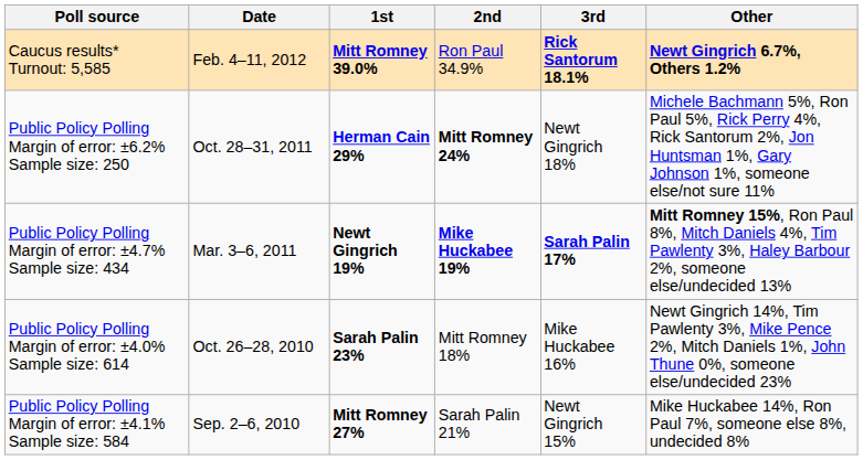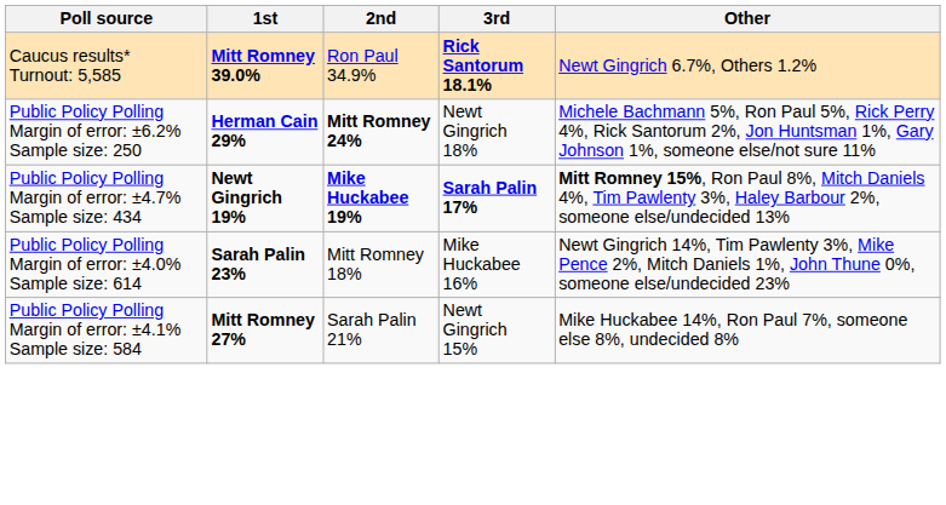 <table class="wikitable">
 <tr>
 <th style="width:180px;">Poll source</th>
-<th style="width:135px;">Date</th>
 <th style="width:100px;">1st</th>
 <th style="width:100px;">2nd</th>
 <th style="width:100px;">3rd</th>
 <th>Other</th>
 </tr>
 <tr style="background:Moccasin;">
 <td>Caucus results*<br>Turnout: 5,585</td>
-<td>Feb. 4–11, 2012</td>
 <td><strong><a href='#'>Mitt Romney</a> 39.0% </strong></td>
 <td><a href='#'>Ron Paul</a><br>34.9%</td>
 <td><strong><a href='#'>Rick Santorum</a><br>18.1%</strong></td>
-<td><strong><a href='#'>Newt Gingrich</a> 6.7%, Others 1.2%</strong></td>
+<td><a href='#'>Newt Gingrich</a> 6.7%, Others 1.2%</td>
 </tr>
 <tr>
 <td><a href='#'>Public Policy Polling</a><br>Margin of error: ±6.2% <br>Sample size: 250</td>
-<td>Oct. 28–31, 2011</td>
 <td><strong><a href='#'>Herman Cain</a><br>29%</strong></td>
 <td><strong>Mitt Romney<br>24%</strong></td>
 <td>Newt Gingrich<br>18%</td>
 <td><a href='#'>Michele Bachmann</a> 5%, Ron Paul 5%, <a href='#'>Rick Perry</a> 4%, Rick Santorum 2%, <a href='#'>Jon Huntsman</a> 1%, <a href='#'>Gary Johnson</a> 1%, someone else/not sure 11%</td>
 </tr>
 <tr>
 <td><a href='#'>Public Policy Polling</a><br>Margin of error: ±4.7% <br>Sample size: 434</td>
-<td>Mar. 3–6, 2011</td>
 <td><strong>Newt Gingrich<br>19%</strong></td>
 <td><strong><a href='#'>Mike Huckabee</a><br>19%</strong></td>
 <td><strong><a href='#'>Sarah Palin</a><br>17%</strong></td>
 <td><span><strong>Mitt Romney 15%</strong></span>, Ron Paul 8%, <a href='#'>Mitch Daniels</a> 4%, <a href='#'>Tim Pawlenty</a> 3%, <a href='#'>Haley Barbour</a> 2%, someone else/undecided 13%</td>
 </tr>
 <tr>
 <td><a href='#'>Public Policy Polling</a><br>Margin of error: ±4.0% <br>Sample size: 614</td>
-<td>Oct. 26–28, 2010</td>
 <td><strong>Sarah Palin<br>23%</strong></td>
 <td>Mitt Romney<br>18%</td>
 <td>Mike Huckabee<br>16%</td>
 <td>Newt Gingrich 14%, Tim Pawlenty 3%, <a href='#'>Mike Pence</a> 2%, Mitch Daniels 1%, <a href='#'>John Thune</a> 0%, someone else/undecided 23%</td>
 </tr>
 <tr>
 <td><a href='#'>Public Policy Polling</a><br>Margin of error: ±4.1% <br>Sample size: 584</td>
-<td>Sep. 2–6, 2010</td>
 <td><strong>Mitt Romney<br>27%</strong></td>
 <td>Sarah Palin<br>21%</td>
 <td>Newt Gingrich<br>15%</td>
 <td>Mike Huckabee 14%, Ron Paul 7%, someone else 8%, undecided 8%</td>
 </tr>
 </table>
